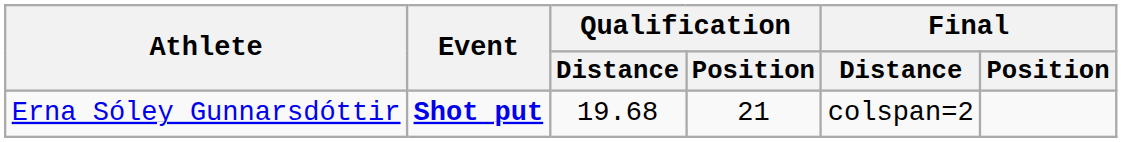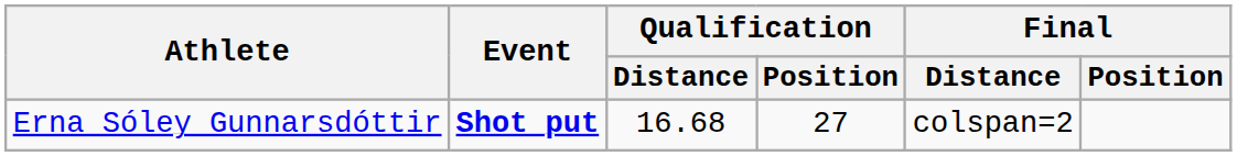 <table class=wikitable style=font-size:90%>
 <tr>
 <th rowspan=2>Athlete</th>
 <th rowspan=2>Event</th>
 <th colspan=2>Qualification</th>
 <th colspan=2>Final</th>
 </tr>
 <tr style=font-size:95%>
 <th>Distance</th>
 <th>Position</th>
 <th>Distance</th>
 <th>Position</th>
 </tr>
 <tr align=center>
 <td align=left><a href='#'>Erna Sóley Gunnarsdóttir</a></td>
 <td align=left><strong><a href='#'>Shot put</a></strong></td>
-<td>19.68</td>
-<td>21</td>
+<td>16.68</td>
+<td>27</td>
 <td>colspan=2 </td>
 </tr>
 </table>
